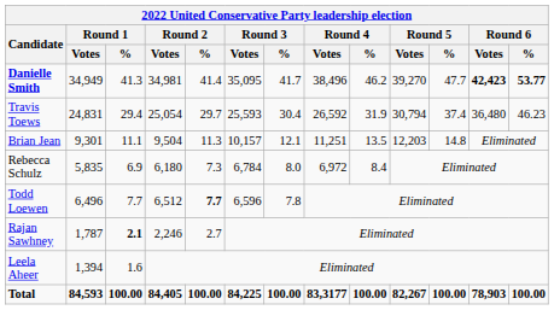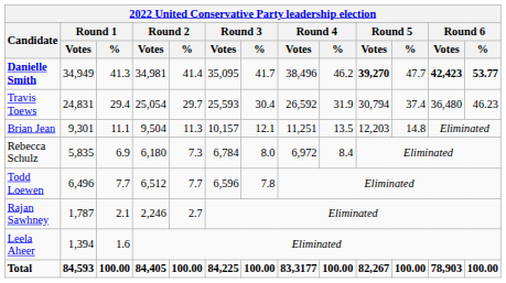 <table class="wikitable">
 <tr>
 <th colspan="13"><a href='#'>2022 United Conservative Party leadership election</a></th>
 </tr>
 <tr>
 <th rowspan=2>Candidate</th>
 <th colspan=2>Round 1</th>
 <th colspan=2>Round 2</th>
 <th colspan=2>Round 3</th>
 <th colspan=2>Round 4</th>
 <th colspan=2>Round 5</th>
 <th colspan=2>Round 6</th>
 </tr>
 <tr>
 <th>Votes</th>
 <th>%</th>
 <th>Votes</th>
 <th>%</th>
 <th>Votes</th>
 <th>%</th>
 <th>Votes</th>
 <th>%</th>
 <th>Votes</th>
 <th>%</th>
 <th>Votes</th>
 <th>%</th>
 </tr>
 <tr>
 <td><strong><a href='#'>Danielle Smith</a></strong></td>
 <td style="text-align:right">34,949</td>
 <td style="text-align:right">41.3</td>
 <td style="text-align:right">34,981</td>
 <td style="text-align:right">41.4</td>
 <td style="text-align:right">35,095</td>
 <td style="text-align:right">41.7</td>
 <td style="text-align:right">38,496</td>
 <td style="text-align:right">46.2</td>
-<td style="text-align:right">39,270</td>
+<td style="text-align:right"><strong>39,270</strong></td>
 <td style="text-align:right">47.7</td>
 <td style="text-align:right"><strong>42,423</strong></td>
 <td style="text-align:right"><strong>53.77</strong></td>
 </tr>
 <tr>
 <td><a href='#'>Travis Toews</a></td>
 <td style="text-align:right">24,831</td>
 <td style="text-align:right">29.4</td>
 <td style="text-align:right">25,054</td>
 <td style="text-align:right">29.7</td>
 <td style="text-align:right">25,593</td>
 <td style="text-align:right">30.4</td>
 <td style="text-align:right">26,592</td>
 <td style="text-align:right">31.9</td>
 <td style="text-align:right">30,794</td>
 <td style="text-align:right">37.4</td>
 <td style="text-align:right">36,480</td>
 <td style="text-align:right">46.23</td>
 </tr>
 <tr>
 <td><a href='#'>Brian Jean</a></td>
 <td style="text-align:right">9,301</td>
 <td style="text-align:right">11.1</td>
 <td style="text-align:right">9,504</td>
 <td style="text-align:right">11.3</td>
 <td style="text-align:right">10,157</td>
 <td style="text-align:right">12.1</td>
 <td style="text-align:right">11,251</td>
 <td style="text-align:right">13.5</td>
 <td style="text-align:right">12,203</td>
 <td style="text-align:right">14.8</td>
 <td colspan="2" style="text-align:center"><em>Eliminated</em></td>
 </tr>
 <tr>
 <td>Rebecca Schulz</td>
 <td style="text-align:right">5,835</td>
 <td style="text-align:right">6.9</td>
 <td style="text-align:right">6,180</td>
 <td style="text-align:right">7.3</td>
 <td style="text-align:right">6,784</td>
 <td style="text-align:right">8.0</td>
 <td style="text-align:right">6,972</td>
 <td style="text-align:right">8.4</td>
 <td colspan="4" style="text-align:center"><em>Eliminated</em></td>
 </tr>
 <tr>
 <td><a href='#'>Todd Loewen</a></td>
 <td style="text-align:right">6,496</td>
 <td style="text-align:right">7.7</td>
 <td style="text-align:right">6,512</td>
-<td style="text-align:right"><strong>7.7</strong></td>
+<td style="text-align:right">7.7</td>
 <td style="text-align:right">6,596</td>
 <td style="text-align:right">7.8</td>
 <td colspan="6" style="text-align:center"><em>Eliminated</em></td>
 </tr>
 <tr>
 <td><a href='#'>Rajan Sawhney</a></td>
 <td style="text-align:right">1,787</td>
-<td style="text-align:right"><strong>2.1</strong></td>
+<td style="text-align:right">2.1</td>
 <td style="text-align:right">2,246</td>
 <td style="text-align:right">2.7</td>
 <td colspan="8" style="text-align:center"><em>Eliminated</em></td>
 </tr>
 <tr>
 <td><a href='#'>Leela Aheer</a></td>
 <td style="text-align:right">1,394</td>
 <td style="text-align:right">1.6</td>
 <td colspan="10" style="text-align:center"><em>Eliminated</em></td>
 </tr>
 <tr>
 <td><strong>Total</strong></td>
 <td style="text-align:right"><strong>84,593</strong></td>
 <td style="text-align:right"><strong>100.00</strong></td>
 <td style="text-align:right"><strong>84,405</strong></td>
 <td style="text-align:right"><strong>100.00</strong></td>
 <td style="text-align:right"><strong>84,225</strong></td>
 <td style="text-align:right"><strong>100.00</strong></td>
 <td style="text-align:right"><strong>83,3177</strong></td>
 <td style="text-align:right"><strong>100.00</strong></td>
 <td style="text-align:right"><strong>82,267</strong></td>
 <td style="text-align:right"><strong>100.00</strong></td>
 <td style="text-align:right"><strong>78,903</strong></td>
 <td style="text-align:right"><strong>100.00</strong></td>
 </tr>
 </table>
